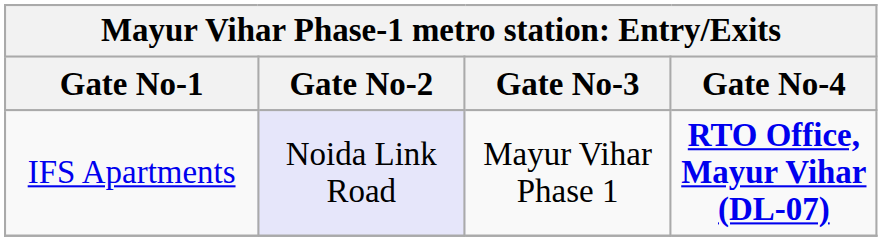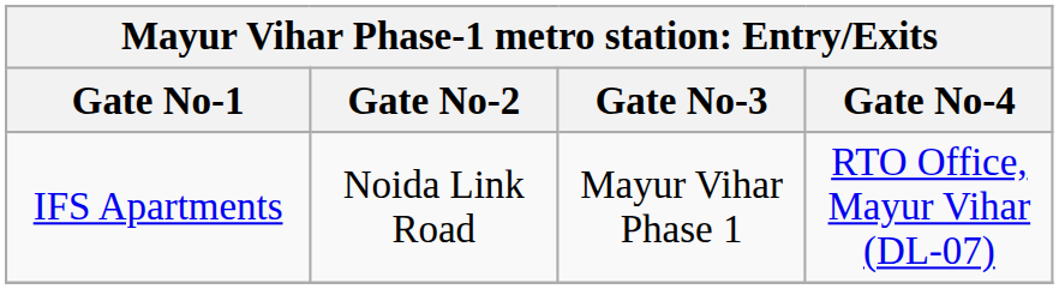 <table class="wikitable" style="text-align: center;" width="68%">
 <tr>
 <th align="center" colspan="8" style="background:#"><span>Mayur Vihar Phase-1 metro station: Entry/Exits</span></th>
 </tr>
 <tr>
 <th style="width:14%;">Gate No-1</th>
 <th style="width:14%;">Gate No-2 </th>
 <th style="width:14%;">Gate No-3 </th>
 <th style="width:14%;">Gate No-4 </th>
 </tr>
 <tr>
 <td><a href='#'>IFS Apartments</a></td>
-<td style="background: lavender;">Noida Link Road</td>
+<td>Noida Link Road</td>
 <td>Mayur Vihar Phase 1</td>
-<td><strong><a href='#'>RTO Office, Mayur Vihar (DL-07)</a></strong></td>
+<td><a href='#'>RTO Office, Mayur Vihar (DL-07)</a></td>
 </tr>
 <tr>
 </tr>
 </table>
